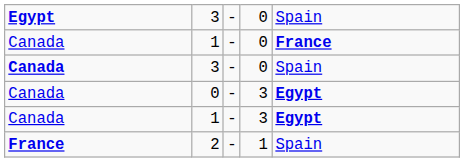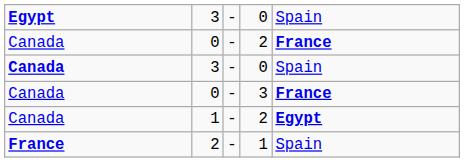 <table class="wikitable">
 <tr>
 <td width=150> <strong><a href='#'>Egypt</a></strong></td>
 <td width=20 align="right">3</td>
 <td>-</td>
 <td width=20 align="right">0</td>
 <td width=150> <a href='#'>Spain</a></td>
 </tr>
 <tr>
 <td> <a href='#'>Canada</a></td>
-<td align="right">1</td>
+<td align="right">0</td>
 <td>-</td>
-<td align="right">0</td>
+<td align="right">2</td>
 <td> <strong><a href='#'>France</a></strong></td>
 </tr>
 <tr>
 <td> <strong><a href='#'>Canada</a></strong></td>
 <td align="right">3</td>
 <td>-</td>
 <td align="right">0</td>
 <td> <a href='#'>Spain</a></td>
 </tr>
 <tr>
 <td> <a href='#'>Canada</a></td>
 <td align="right">0</td>
 <td>-</td>
 <td align="right">3</td>
-<td> <strong><a href='#'>Egypt</a></strong></td>
+<td> <strong><a href='#'>France</a></strong></td>
 </tr>
 <tr>
 <td> <a href='#'>Canada</a></td>
 <td align="right">1</td>
 <td>-</td>
-<td align="right">3</td>
+<td align="right">2</td>
 <td> <strong><a href='#'>Egypt</a></strong></td>
 </tr>
 <tr>
 <td> <strong><a href='#'>France</a></strong></td>
 <td align="right">2</td>
 <td>-</td>
 <td align="right">1</td>
 <td> <a href='#'>Spain</a></td>
 </tr>
 </table>
